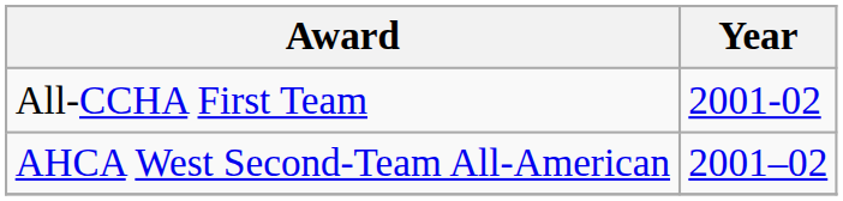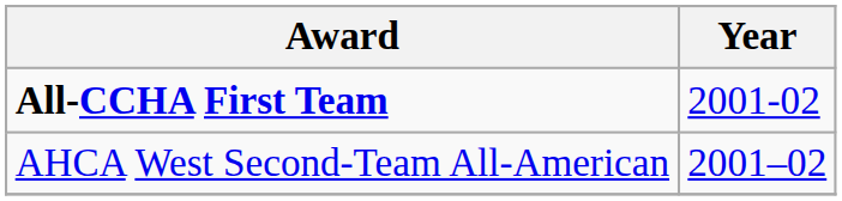 <table class="wikitable">
 <tr>
 <th>Award</th>
 <th>Year</th>
 </tr>
 <tr>
-<td>All-<a href='#'>CCHA</a> <a href='#'>First Team</a></td>
+<td><strong>All-<a href='#'>CCHA</a> <a href='#'>First Team</a></strong></td>
 <td><a href='#'>2001-02</a></td>
 </tr>
 <tr>
 <td><a href='#'>AHCA</a> <a href='#'>West Second-Team All-American</a></td>
 <td><a href='#'>2001–02</a></td>
 </tr>
 <tr>
 </tr>
 </table>
